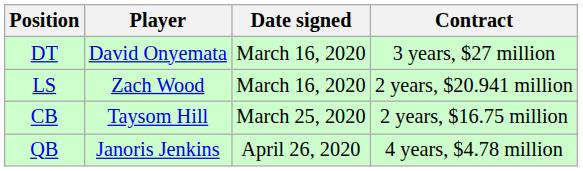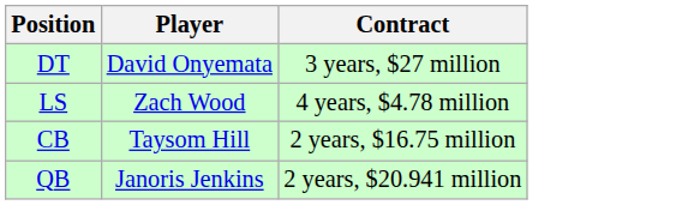 <table class="wikitable" style="text-align:center">
 <tr>
 <th>Position</th>
 <th>Player</th>
-<th>Date signed</th>
 <th>Contract</th>
 </tr>
 <tr style="background:#cfc">
 <td><a href='#'>DT</a></td>
 <td><a href='#'>David Onyemata</a></td>
-<td>March 16, 2020</td>
 <td>3 years, $27 million</td>
 </tr>
 <tr style="background:#cfc">
 <td><a href='#'>LS</a></td>
 <td><a href='#'>Zach Wood</a></td>
-<td>March 16, 2020</td>
-<td>2 years, $20.941 million</td>
+<td>4 years, $4.78 million</td>
 </tr>
 <tr style="background:#cfc">
 <td><a href='#'>CB</a></td>
 <td><a href='#'>Taysom Hill</a></td>
-<td>March 25, 2020</td>
 <td>2 years, $16.75 million</td>
 </tr>
 <tr style="background:#cfc">
 <td><a href='#'>QB</a></td>
 <td><a href='#'>Janoris Jenkins</a></td>
-<td>April 26, 2020</td>
-<td>4 years, $4.78 million</td>
+<td>2 years, $20.941 million</td>
 </tr>
 </table>
